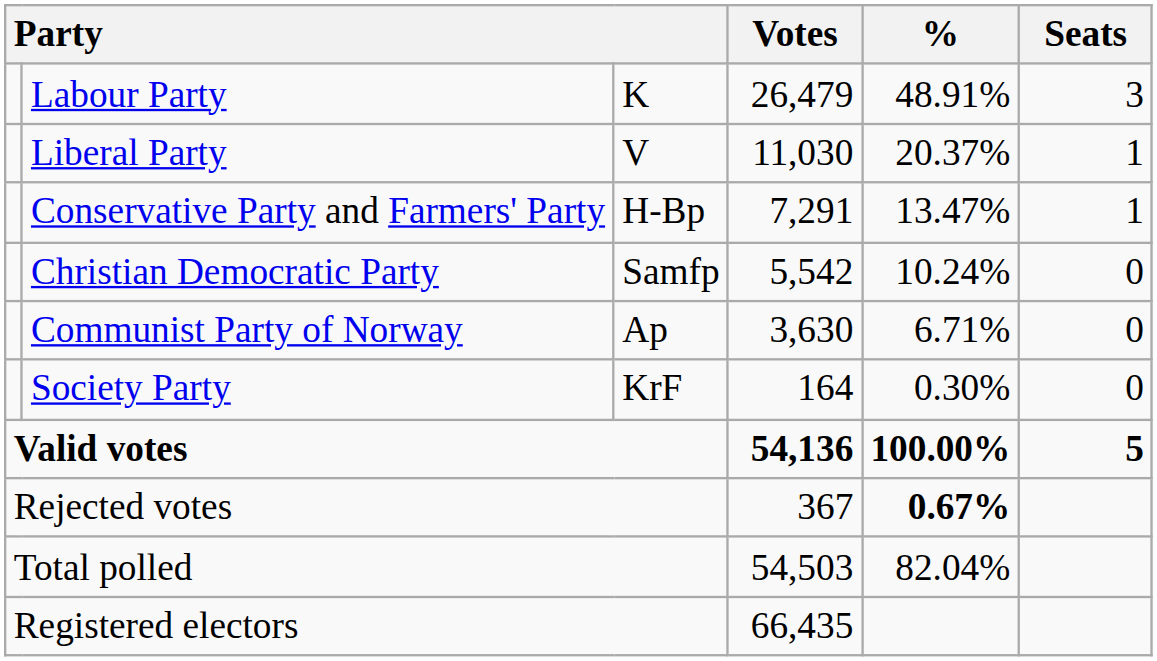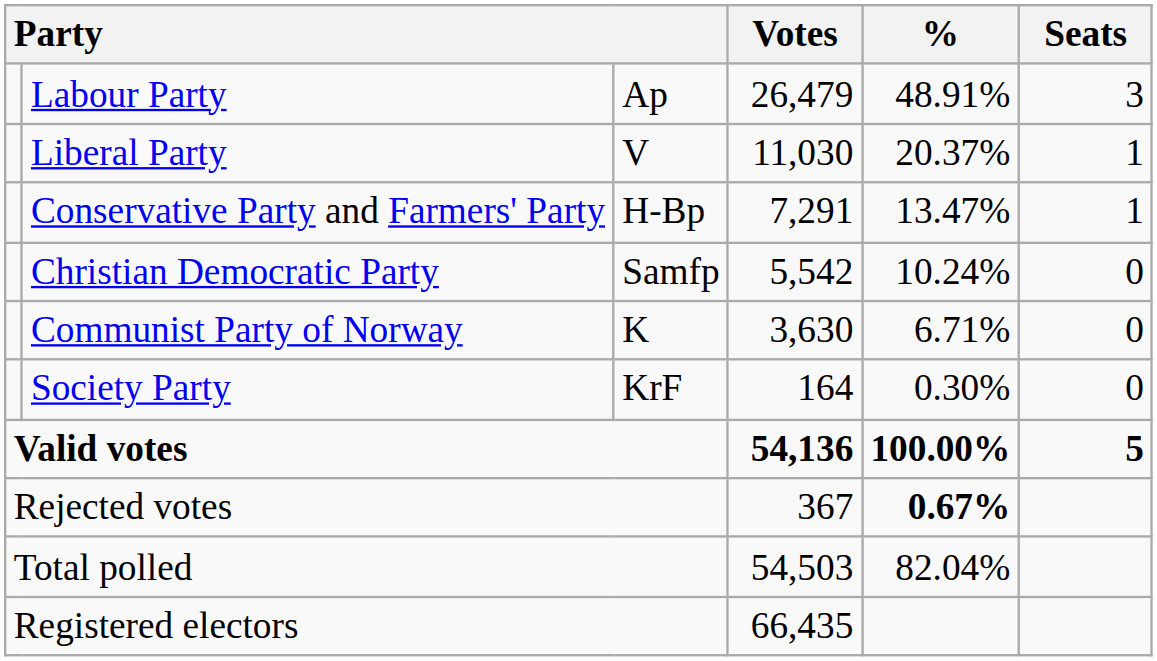 <table class="wikitable" border="1" style="text-align:right;">
 <tr>
 <th style="text-align:left;" colspan=3>Party</th>
 <th align=center width="50">Votes</th>
 <th align=center width="50">%</th>
 <th align=center width="50">Seats</th>
 </tr>
 <tr>
 <td style="color:inherit;background:"></td>
 <td align=left><a href='#'>Labour Party</a></td>
-<td align=left>K</td>
+<td align=left>Ap</td>
 <td>26,479</td>
 <td>48.91%</td>
 <td>3</td>
 </tr>
 <tr>
 <td style="color:inherit;background:"></td>
 <td align=left><a href='#'>Liberal Party</a></td>
 <td align=left>V</td>
 <td>11,030</td>
 <td>20.37%</td>
 <td>1</td>
 </tr>
 <tr>
 <td></td>
 <td align=left><a href='#'>Conservative Party</a> and <a href='#'>Farmers' Party</a></td>
 <td align=left>H-Bp</td>
 <td>7,291</td>
 <td>13.47%</td>
 <td>1</td>
 </tr>
 <tr>
 <td style="color:inherit;background:"></td>
 <td align=left><a href='#'>Christian Democratic Party</a></td>
 <td align=left>Samfp</td>
 <td>5,542</td>
 <td>10.24%</td>
 <td>0</td>
 </tr>
 <tr>
 <td style="color:inherit;background:"></td>
 <td align=left><a href='#'>Communist Party of Norway</a></td>
-<td align=left>Ap</td>
+<td align=left>K</td>
 <td>3,630</td>
 <td>6.71%</td>
 <td>0</td>
 </tr>
 <tr>
 <td></td>
 <td align=left><a href='#'>Society Party</a></td>
 <td align=left>KrF</td>
 <td>164</td>
 <td>0.30%</td>
 <td>0</td>
 </tr>
 <tr style="font-weight:bold">
 <td align=left colspan=3>Valid votes</td>
 <td>54,136</td>
 <td>100.00%</td>
 <td>5</td>
 </tr>
 <tr>
 <td align=left colspan=3>Rejected votes</td>
 <td>367</td>
 <td><strong>0.67%</strong></td>
 <td></td>
 </tr>
 <tr>
 <td align=left colspan=3>Total polled</td>
 <td>54,503</td>
 <td>82.04%</td>
 <td></td>
 </tr>
 <tr>
 <td align=left colspan=3>Registered electors</td>
 <td>66,435</td>
 <td></td>
 <td></td>
 </tr>
 </table>
